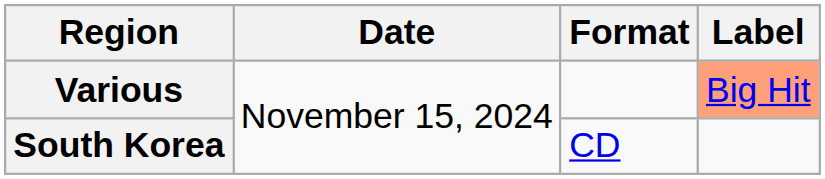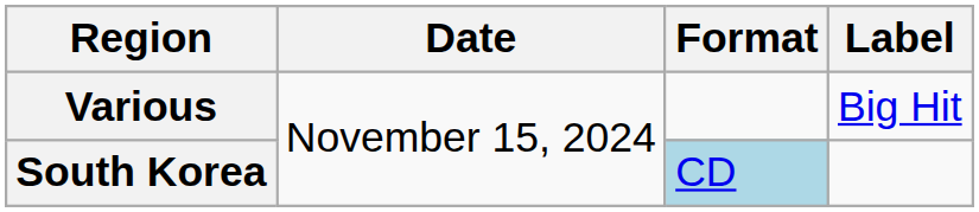 <table class="wikitable plainrowheaders">
 <tr>
 <th scope="col">Region</th>
 <th scope="col">Date</th>
 <th scope="col">Format</th>
 <th scope="col">Label</th>
 </tr>
 <tr>
 <th scope="row">Various</th>
 <td rowspan=2>November 15, 2024</td>
 <td></td>
-<td style="background: lightsalmon;"><a href='#'>Big Hit</a></td>
+<td><a href='#'>Big Hit</a></td>
 </tr>
 <tr>
 <th scope="row">South Korea</th>
-<td><a href='#'>CD</a></td>
+<td style="background: lightblue;"><a href='#'>CD</a></td>
 <td></td>
 </tr>
 </table>
